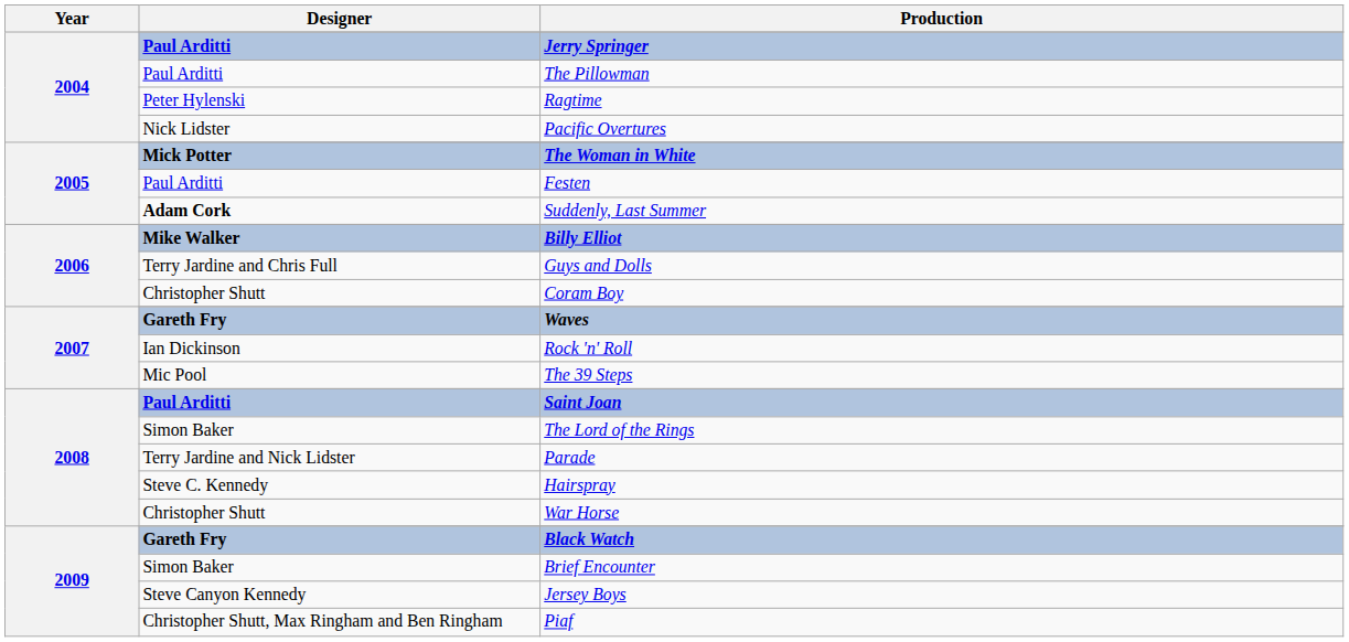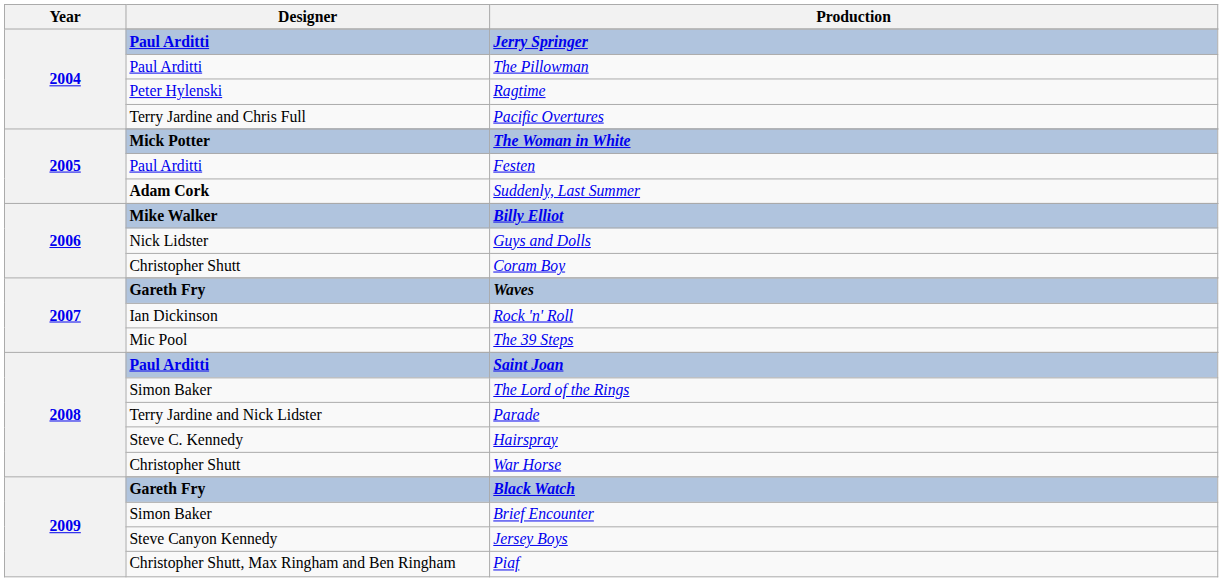 <table class="wikitable" style="width:98%;">
 <tr style="background:#bebebe;">
 <th style="width:10%;">Year</th>
 <th style="width:30%;">Designer</th>
 <th style="width:60%;">Production</th>
 </tr>
 <tr>
 <th rowspan="5" align="center"><a href='#'>2004</a></th>
 </tr>
 <tr style="background:#B0C4DE">
 <td><strong><a href='#'>Paul Arditti</a></strong></td>
 <td><strong><em><a href='#'>Jerry Springer</a></em></strong></td>
 </tr>
 <tr>
 <td><a href='#'>Paul Arditti</a></td>
 <td><em><a href='#'>The Pillowman</a></em></td>
 </tr>
 <tr>
 <td><a href='#'>Peter Hylenski</a></td>
 <td><em><a href='#'>Ragtime</a></em></td>
 </tr>
 <tr>
-<td>Nick Lidster</td>
+<td>Terry Jardine and Chris Full</td>
 <td><em><a href='#'>Pacific Overtures</a></em></td>
 </tr>
 <tr>
 <th rowspan="4" align="center"><a href='#'>2005</a></th>
 </tr>
 <tr style="background:#B0C4DE">
 <td><strong>Mick Potter</strong></td>
 <td><strong><em><a href='#'>The Woman in White</a></em></strong></td>
 </tr>
 <tr>
 <td><a href='#'>Paul Arditti</a></td>
 <td><em><a href='#'>Festen</a></em></td>
 </tr>
 <tr>
 <td><strong>Adam Cork</strong></td>
 <td><em><a href='#'>Suddenly, Last Summer</a></em></td>
 </tr>
 <tr>
 <th rowspan="4" align="center"><a href='#'>2006</a></th>
 </tr>
 <tr style="background:#B0C4DE">
 <td><strong>Mike Walker</strong></td>
 <td><strong><em><a href='#'>Billy Elliot</a></em></strong></td>
 </tr>
 <tr>
-<td>Terry Jardine and Chris Full</td>
+<td>Nick Lidster</td>
 <td><em><a href='#'>Guys and Dolls</a></em></td>
 </tr>
 <tr>
 <td>Christopher Shutt</td>
 <td><em><a href='#'>Coram Boy</a></em></td>
 </tr>
 <tr>
 <th rowspan="4" align="center"><a href='#'>2007</a></th>
 </tr>
 <tr style="background:#B0C4DE">
 <td><strong>Gareth Fry</strong></td>
 <td><strong><em>Waves</em></strong></td>
 </tr>
 <tr>
 <td>Ian Dickinson</td>
 <td><em><a href='#'>Rock 'n' Roll</a></em></td>
 </tr>
 <tr>
 <td>Mic Pool</td>
 <td><em><a href='#'>The 39 Steps</a></em></td>
 </tr>
 <tr>
 <th rowspan="6" align="center"><a href='#'>2008</a></th>
 </tr>
 <tr style="background:#B0C4DE">
 <td><strong><a href='#'>Paul Arditti</a></strong></td>
 <td><strong><em><a href='#'>Saint Joan</a></em></strong></td>
 </tr>
 <tr>
 <td>Simon Baker</td>
 <td><em><a href='#'>The Lord of the Rings</a></em></td>
 </tr>
 <tr>
 <td>Terry Jardine and Nick Lidster</td>
 <td><em><a href='#'>Parade</a></em></td>
 </tr>
 <tr>
 <td>Steve C. Kennedy</td>
 <td><em><a href='#'>Hairspray</a></em></td>
 </tr>
 <tr>
 <td>Christopher Shutt</td>
 <td><em><a href='#'>War Horse</a></em></td>
 </tr>
 <tr>
 <th rowspan="5" align="center"><a href='#'>2009</a></th>
 </tr>
 <tr style="background:#B0C4DE">
 <td><strong>Gareth Fry</strong></td>
 <td><strong><em><a href='#'>Black Watch</a></em></strong></td>
 </tr>
 <tr>
 <td>Simon Baker</td>
 <td><em><a href='#'>Brief Encounter</a></em></td>
 </tr>
 <tr>
 <td>Steve Canyon Kennedy</td>
 <td><em><a href='#'>Jersey Boys</a></em></td>
 </tr>
 <tr>
 <td>Christopher Shutt, Max Ringham and Ben Ringham</td>
 <td><em><a href='#'>Piaf</a></em></td>
 </tr>
 </table>
